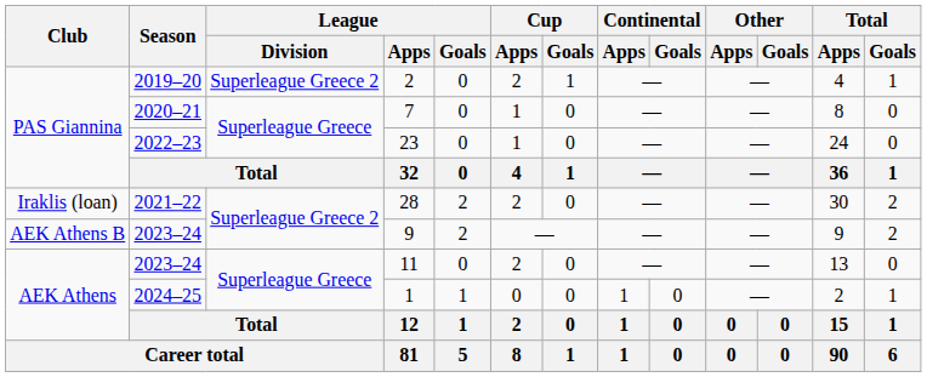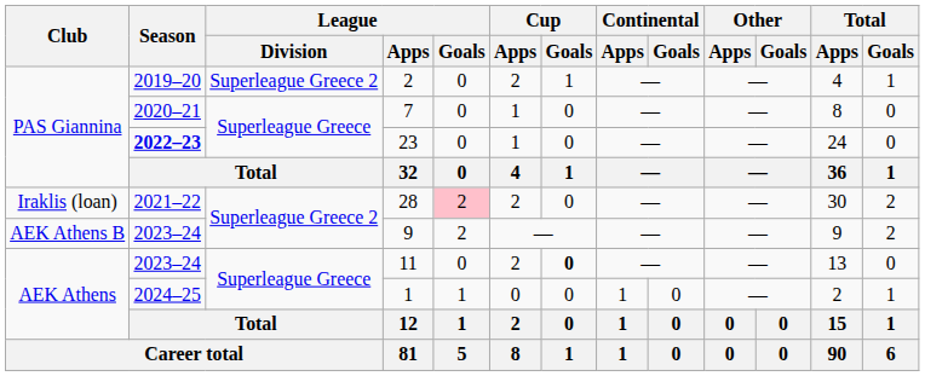 <table class="wikitable" style="text-align: center">
 <tr>
 <th rowspan="2">Club</th>
 <th rowspan="2">Season</th>
 <th colspan="3">League</th>
 <th colspan="2">Cup</th>
 <th colspan="2">Continental</th>
 <th colspan="2">Other</th>
 <th colspan="2">Total</th>
 </tr>
 <tr>
 <th>Division</th>
 <th>Apps</th>
 <th>Goals</th>
 <th>Apps</th>
 <th>Goals</th>
 <th>Apps</th>
 <th>Goals</th>
 <th>Apps</th>
 <th>Goals</th>
 <th>Apps</th>
 <th>Goals</th>
 </tr>
 <tr>
 <td rowspan="4"><a href='#'>PAS Giannina</a></td>
 <td><a href='#'>2019–20</a></td>
 <td><a href='#'>Superleague Greece 2</a></td>
 <td>2</td>
 <td>0</td>
 <td>2</td>
 <td>1</td>
 <td colspan="2">—</td>
 <td colspan="2">—</td>
 <td>4</td>
 <td>1</td>
 </tr>
 <tr>
 <td><a href='#'>2020–21</a></td>
 <td rowspan="2"><a href='#'>Superleague Greece</a></td>
 <td>7</td>
 <td>0</td>
 <td>1</td>
 <td>0</td>
 <td colspan="2">—</td>
 <td colspan="2">—</td>
 <td>8</td>
 <td>0</td>
 </tr>
 <tr>
-<td><a href='#'>2022–23</a></td>
+<td><strong><a href='#'>2022–23</a></strong></td>
 <td>23</td>
 <td>0</td>
 <td>1</td>
 <td>0</td>
 <td colspan="2">—</td>
 <td colspan="2">—</td>
 <td>24</td>
 <td>0</td>
 </tr>
 <tr>
 <th colspan="2">Total</th>
 <th>32</th>
 <th>0</th>
 <th>4</th>
 <th>1</th>
 <th colspan="2">—</th>
 <th colspan="2">—</th>
 <th>36</th>
 <th>1</th>
 </tr>
 <tr>
 <td><a href='#'>Iraklis</a> (loan)</td>
 <td><a href='#'>2021–22</a></td>
 <td rowspan="2"><a href='#'>Superleague Greece 2</a></td>
 <td>28</td>
-<td>2</td>
+<td style="background: pink;">2</td>
 <td>2</td>
 <td>0</td>
 <td colspan="2">—</td>
 <td colspan="2">—</td>
 <td>30</td>
 <td>2</td>
 </tr>
 <tr>
 <td><a href='#'>AEK Athens B</a></td>
 <td><a href='#'>2023–24</a></td>
 <td>9</td>
 <td>2</td>
 <td colspan="2">—</td>
 <td colspan="2">—</td>
 <td colspan="2">—</td>
 <td>9</td>
 <td>2</td>
 </tr>
 <tr>
 <td rowspan="3"><a href='#'>AEK Athens</a></td>
 <td><a href='#'>2023–24</a></td>
 <td rowspan="2"><a href='#'>Superleague Greece</a></td>
 <td>11</td>
 <td>0</td>
 <td>2</td>
-<td>0</td>
+<td><strong>0</strong></td>
 <td colspan="2">—</td>
 <td colspan="2">—</td>
 <td>13</td>
 <td>0</td>
 </tr>
 <tr>
 <td><a href='#'>2024–25</a></td>
 <td>1</td>
 <td>1</td>
 <td>0</td>
 <td>0</td>
 <td>1</td>
 <td>0</td>
 <td colspan="2">—</td>
 <td>2</td>
 <td>1</td>
 </tr>
 <tr>
 <th colspan="2">Total</th>
 <th>12</th>
 <th>1</th>
 <th>2</th>
 <th>0</th>
 <th>1</th>
 <th>0</th>
 <th>0</th>
 <th>0</th>
 <th>15</th>
 <th>1</th>
 </tr>
 <tr>
 <th colspan="3">Career total</th>
 <th>81</th>
 <th>5</th>
 <th>8</th>
 <th>1</th>
 <th>1</th>
 <th>0</th>
 <th>0</th>
 <th>0</th>
 <th>90</th>
 <th>6</th>
 </tr>
 </table>
